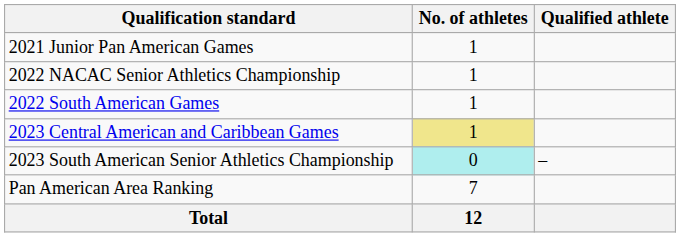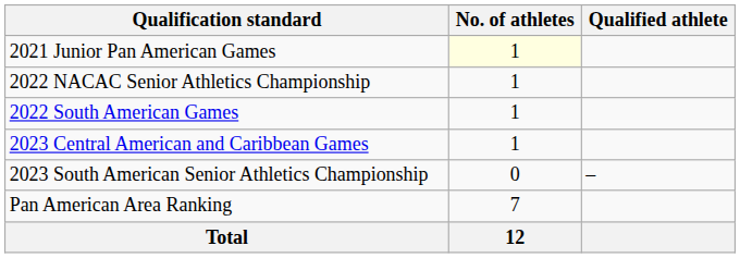 <table class="wikitable" style="text-align:left; width:600px;">
 <tr>
 <th>Qualification standard</th>
 <th>No. of athletes</th>
 <th>Qualified athlete</th>
 </tr>
 <tr>
 <td>2021 Junior Pan American Games</td>
-<td align=center>1</td>
+<td align=center style="background: lightyellow;">1</td>
 <td></td>
 </tr>
 <tr>
 <td>2022 NACAC Senior Athletics Championship</td>
 <td align=center>1</td>
 <td></td>
 </tr>
 <tr>
 <td><a href='#'>2022 South American Games</a></td>
 <td align=center>1</td>
 <td></td>
 </tr>
 <tr>
 <td><a href='#'>2023 Central American and Caribbean Games</a></td>
-<td align=center style="background: khaki;">1</td>
+<td align=center>1</td>
 <td></td>
 </tr>
 <tr>
 <td>2023 South American Senior Athletics Championship</td>
-<td align=center style="background: paleturquoise;">0</td>
+<td align=center>0</td>
 <td>–</td>
 </tr>
 <tr>
 <td>Pan American Area Ranking</td>
 <td align=center>7</td>
 <td></td>
 </tr>
 <tr>
 <th>Total</th>
 <th>12</th>
 <th colspan=2></th>
 </tr>
 </table>
